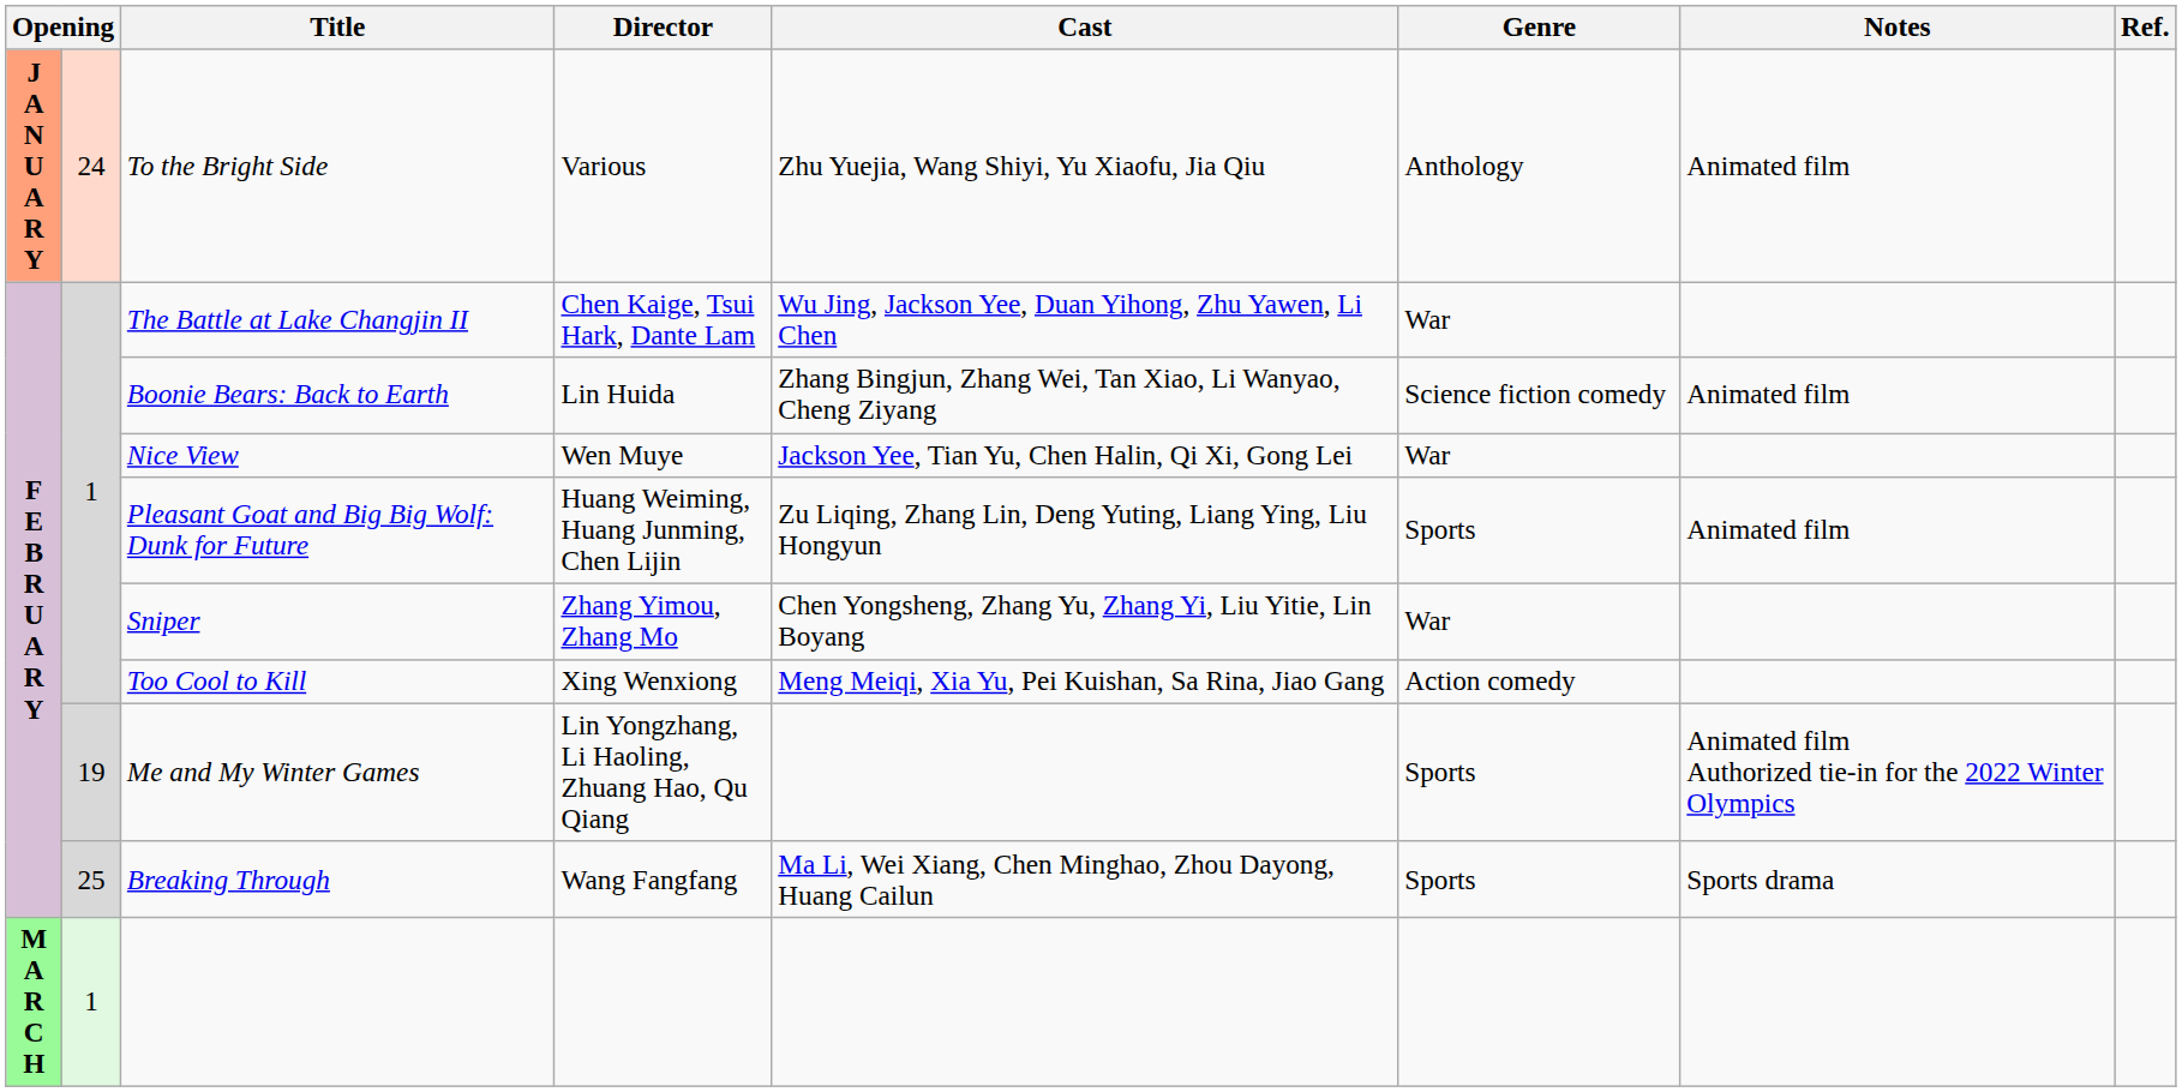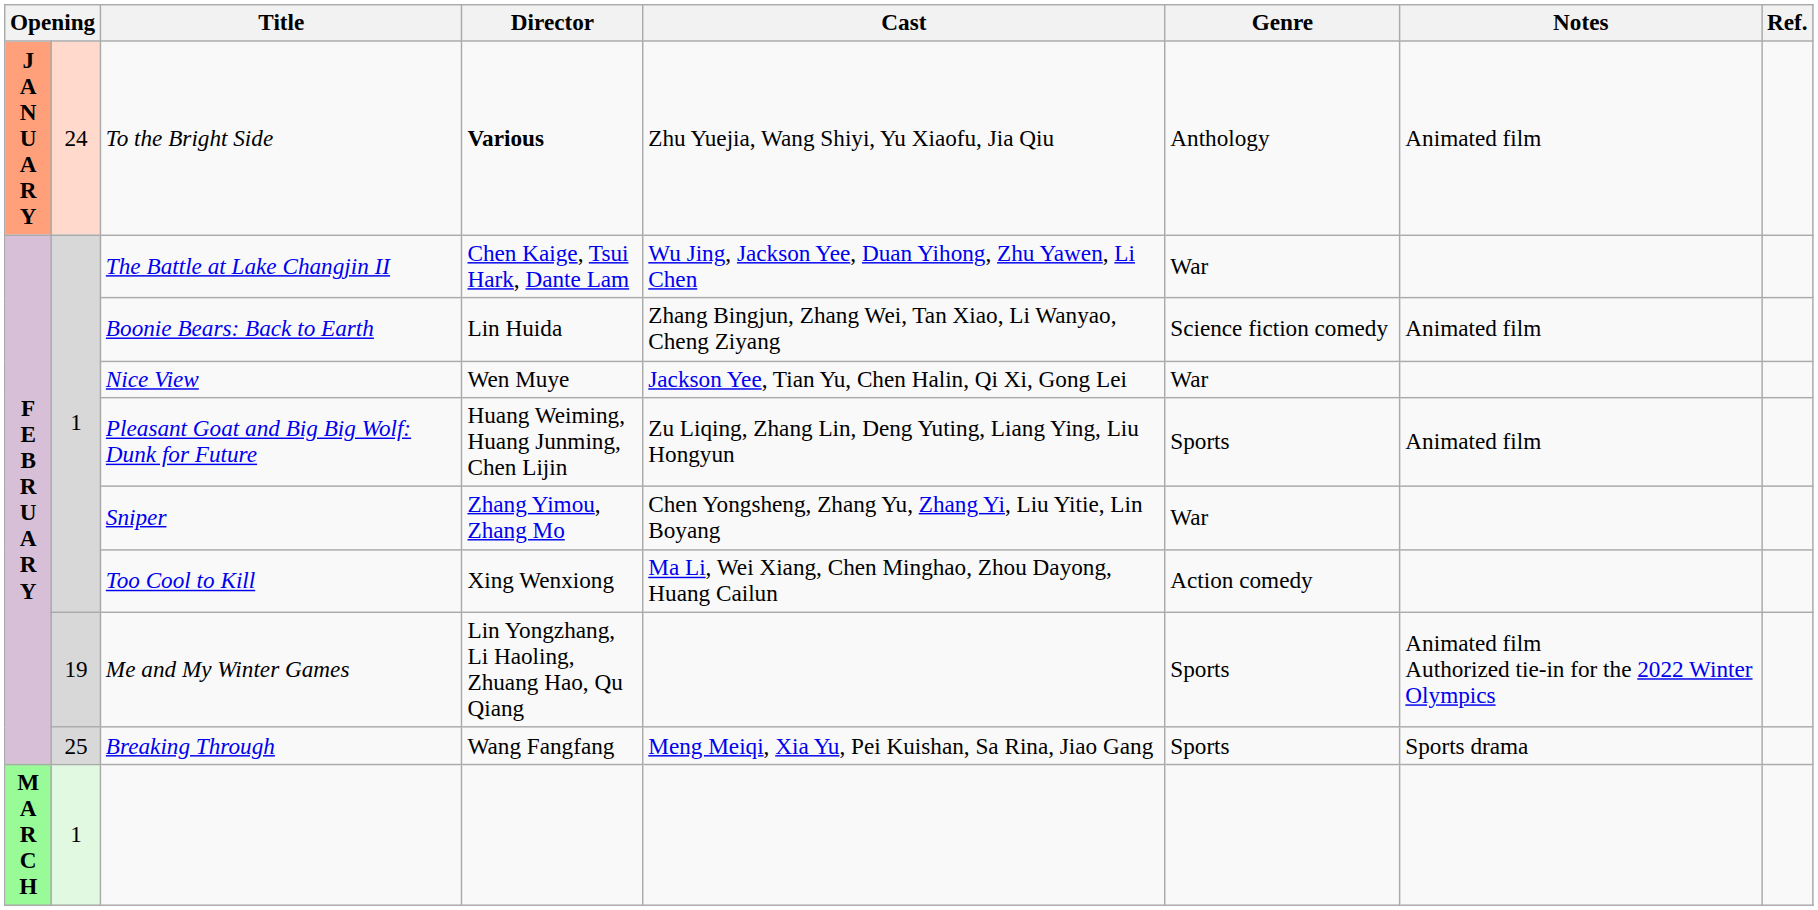 <table class="wikitable">
 <tr>
 <th colspan="2">Opening</th>
 <th style="width:20%;">Title</th>
 <th style="width:10%;">Director</th>
 <th>Cast</th>
 <th style="width:13%">Genre</th>
 <th style="width:20%">Notes</th>
 <th>Ref.</th>
 </tr>
 <tr>
 <th rowspan="1" style="text-align:center; background:#ffa07a; textcolor:#000;">J<br>A<br>N<br>U<br>A<br>R<br>Y</th>
 <td rowspan="1" style="text-align:center; background:#ffdacc; textcolor:#000;">24</td>
 <td><em>To the Bright Side</em></td>
-<td>Various</td>
+<td><strong>Various</strong></td>
 <td>Zhu Yuejia, Wang Shiyi, Yu Xiaofu, Jia Qiu</td>
 <td>Anthology</td>
 <td>Animated film</td>
 <td style="text-align:center;"></td>
 </tr>
 <tr>
 <th rowspan="8" style="text-align:center; background:thistle; textcolor:#000;">F<br>E<br>B<br>R<br>U<br>A<br>R<br>Y</th>
 <td rowspan="6" style="text-align:center; background:#d8d8d8; textcolor:#000;">1</td>
 <td><em><a href='#'>The Battle at Lake Changjin II</a></em></td>
 <td><a href='#'>Chen Kaige</a>, <a href='#'>Tsui Hark</a>, <a href='#'>Dante Lam</a></td>
 <td><a href='#'>Wu Jing</a>, <a href='#'>Jackson Yee</a>, <a href='#'>Duan Yihong</a>, <a href='#'>Zhu Yawen</a>, <a href='#'>Li Chen</a></td>
 <td>War</td>
 <td></td>
 <td style="text-align:center;"></td>
 </tr>
 <tr>
 <td><em><a href='#'>Boonie Bears: Back to Earth</a></em></td>
 <td>Lin Huida</td>
 <td>Zhang Bingjun, Zhang Wei, Tan Xiao, Li Wanyao, Cheng Ziyang</td>
 <td>Science fiction comedy</td>
 <td>Animated film</td>
 <td style="text-align:center;"></td>
 </tr>
 <tr>
 <td><em><a href='#'>Nice View</a></em></td>
 <td>Wen Muye</td>
 <td><a href='#'>Jackson Yee</a>, Tian Yu, Chen Halin, Qi Xi, Gong Lei</td>
 <td>War</td>
 <td></td>
 <td style="text-align:center;"></td>
 </tr>
 <tr>
 <td><em><a href='#'>Pleasant Goat and Big Big Wolf: Dunk for Future</a></em></td>
 <td>Huang Weiming, Huang Junming, Chen Lijin</td>
 <td>Zu Liqing, Zhang Lin, Deng Yuting, Liang Ying, Liu Hongyun</td>
 <td>Sports</td>
 <td>Animated film</td>
 <td style="text-align:center;"></td>
 </tr>
 <tr>
 <td><em><a href='#'>Sniper</a></em></td>
 <td><a href='#'>Zhang Yimou</a>, <a href='#'>Zhang Mo</a></td>
 <td>Chen Yongsheng, Zhang Yu, <a href='#'>Zhang Yi</a>, Liu Yitie, Lin Boyang</td>
 <td>War</td>
 <td></td>
 <td style="text-align:center;"></td>
 </tr>
 <tr>
 <td><em><a href='#'>Too Cool to Kill</a></em></td>
 <td>Xing Wenxiong</td>
-<td><a href='#'>Meng Meiqi</a>, <a href='#'>Xia Yu</a>, Pei Kuishan, Sa Rina, Jiao Gang</td>
+<td><a href='#'>Ma Li</a>, Wei Xiang, Chen Minghao, Zhou Dayong, Huang Cailun</td>
 <td>Action comedy</td>
 <td></td>
 <td style="text-align:center;"></td>
 </tr>
 <tr>
 <td style="text-align:center; background:#d8d8d8; textcolor:#000;">19</td>
 <td><em>Me and My Winter Games</em></td>
 <td>Lin Yongzhang, Li Haoling, Zhuang Hao, Qu Qiang</td>
 <td></td>
 <td>Sports</td>
 <td>Animated film<br>Authorized tie-in for the <a href='#'>2022 Winter Olympics</a></td>
 <td style="text-align:center;"></td>
 </tr>
 <tr>
 <td style="text-align:center; background:#d8d8d8; textcolor:#000;">25</td>
 <td><em><a href='#'>Breaking Through</a></em></td>
 <td>Wang Fangfang</td>
-<td><a href='#'>Ma Li</a>, Wei Xiang, Chen Minghao, Zhou Dayong, Huang Cailun</td>
+<td><a href='#'>Meng Meiqi</a>, <a href='#'>Xia Yu</a>, Pei Kuishan, Sa Rina, Jiao Gang</td>
 <td>Sports</td>
 <td>Sports drama</td>
 <td style="text-align:center;"></td>
 </tr>
 <tr>
 <th rowspan="1" style="text-align:center; background:#98fb98; textcolor:#000;">M<br>A<br>R<br>C<br>H</th>
 <td rowspan="1" style="text-align:center; background:#e0f9e0; textcolor:#000;">1</td>
 <td><em> </em></td>
 <td></td>
 <td></td>
 <td></td>
 <td></td>
 <td style="text-align:center;"></td>
 </tr>
 </table>
